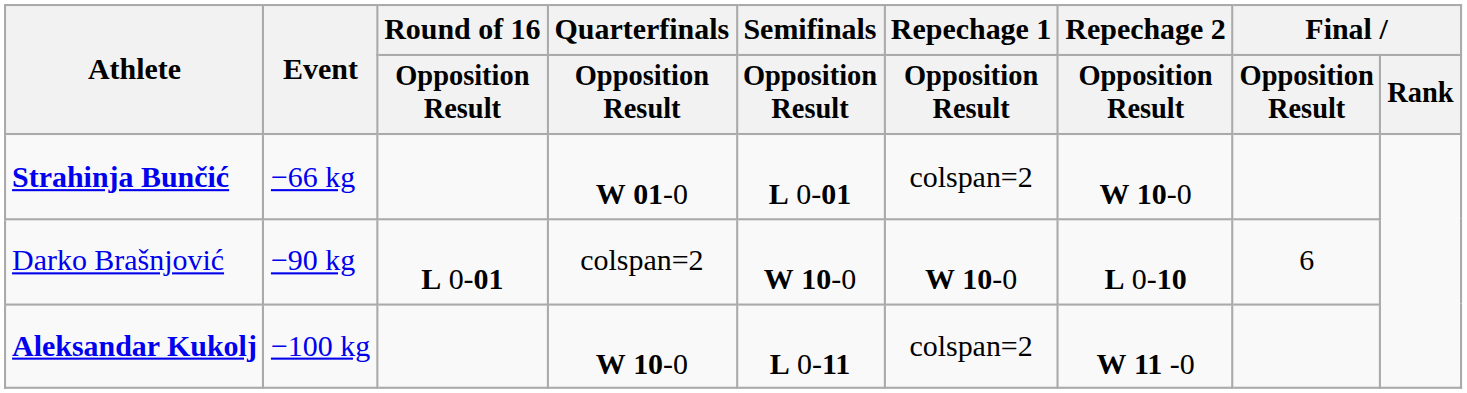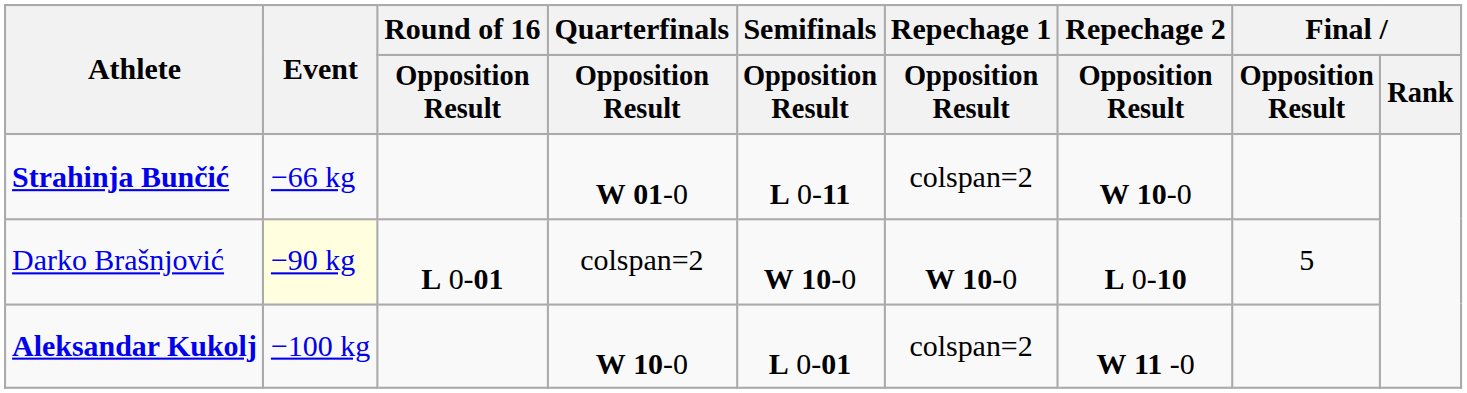 <table class="wikitable" style="font-size:90%">
 <tr>
 <th rowspan="2">Athlete</th>
 <th rowspan="2">Event</th>
 <th>Round of 16</th>
 <th>Quarterfinals</th>
 <th>Semifinals</th>
 <th>Repechage 1</th>
 <th>Repechage 2</th>
 <th colspan=2>Final / </th>
 </tr>
 <tr style="font-size:95%">
 <th>Opposition<br>Result</th>
 <th>Opposition<br>Result</th>
 <th>Opposition<br>Result</th>
 <th>Opposition<br>Result</th>
 <th>Opposition<br>Result</th>
 <th>Opposition<br>Result</th>
 <th>Rank</th>
 </tr>
 <tr align=center>
 <td align=left><strong><a href='#'>Strahinja Bunčić</a></strong></td>
 <td align=left><a href='#'>−66 kg</a></td>
 <td></td>
 <td><br><strong>W</strong> <strong>01</strong>-0</td>
-<td><br><strong>L</strong> 0-<strong>01</strong></td>
+<td><br><strong>L</strong> 0-<strong>11</strong></td>
 <td>colspan=2</td>
 <td><br><strong>W</strong> <strong>10</strong>-0</td>
 <td></td>
 </tr>
 <tr align=center>
 <td align=left><a href='#'>Darko Brašnjović</a></td>
-<td align=left><a href='#'>−90 kg</a></td>
+<td align=left style="background: lightyellow;"><a href='#'>−90 kg</a></td>
 <td><br><strong>L</strong> 0-<strong>01</strong></td>
 <td>colspan=2 </td>
 <td><br><strong>W</strong> <strong>10</strong>-0</td>
 <td><br><strong>W</strong> <strong>10</strong>-0</td>
 <td><br><strong>L</strong> 0-<strong>10</strong></td>
-<td>6</td>
+<td>5</td>
 </tr>
 <tr align=center>
 <td align=left><strong><a href='#'>Aleksandar Kukolj</a></strong></td>
 <td align=left><a href='#'>−100 kg</a></td>
 <td></td>
 <td><br><strong>W</strong> <strong>10</strong>-0</td>
-<td><br><strong>L</strong> 0-<strong>11</strong></td>
+<td><br><strong>L</strong> 0-<strong>01</strong></td>
 <td>colspan=2</td>
 <td><br><strong>W</strong> <strong>11</strong> -0</td>
 <td></td>
 </tr>
 </table>
